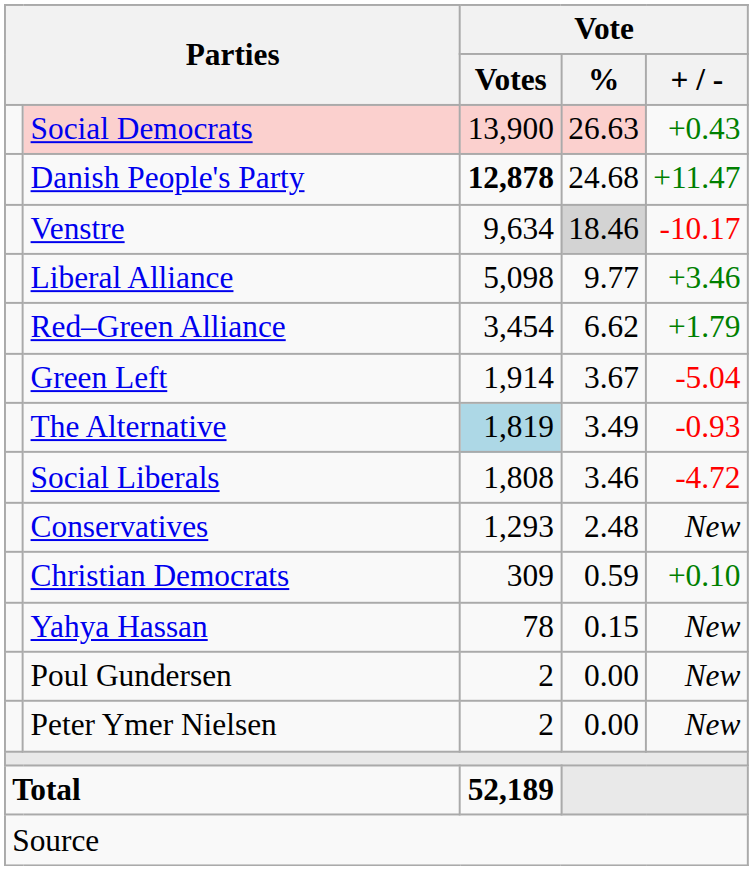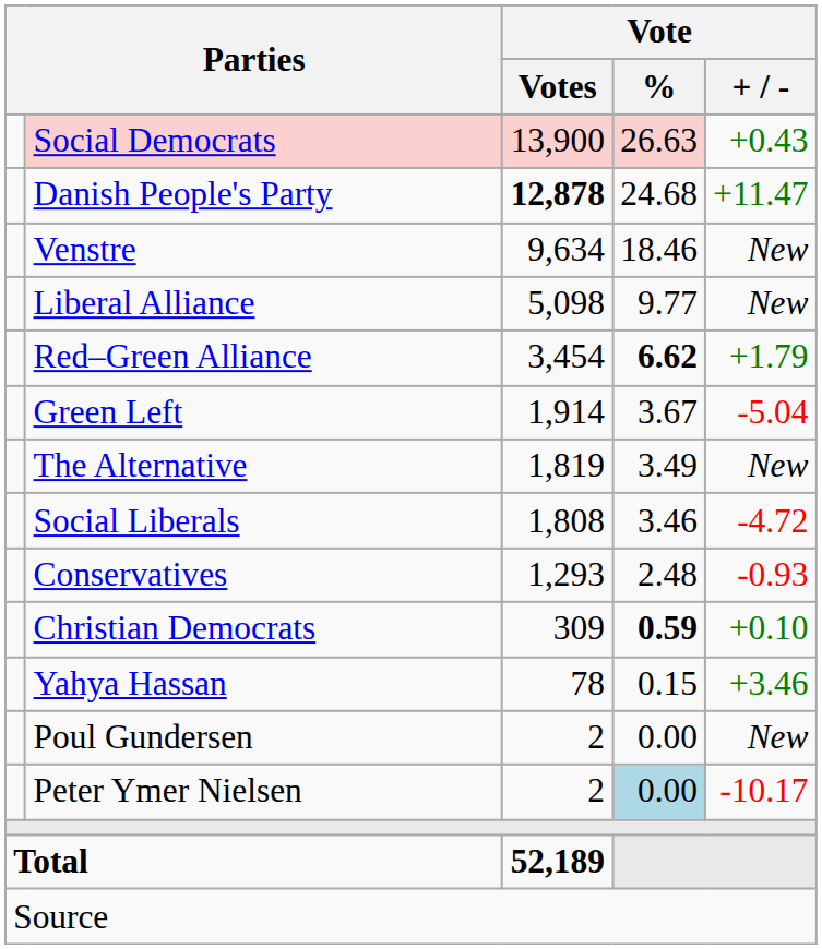 <table class="wikitable" style="text-align:right;">
 <tr>
 <th style="text-align:centre;" rowspan="2" colspan="2" width="225">Parties</th>
 <th colspan="3">Vote</th>
 </tr>
 <tr>
 <th width="15">Votes</th>
 <th width="15">%</th>
 <th width="15">+ / -</th>
 </tr>
 <tr>
 <td width="2" style="color:inherit;background:"></td>
 <td bgcolor=#fbd0ce  align="left"><a href='#'>Social Democrats</a></td>
 <td bgcolor=#fbd0ce>13,900</td>
 <td bgcolor=#fbd0ce>26.63</td>
 <td style=color:green;>+0.43</td>
 </tr>
 <tr>
 <td width="2" style="color:inherit;background:"></td>
 <td align="left"><a href='#'>Danish People's Party</a></td>
 <td><strong>12,878</strong></td>
 <td>24.68</td>
 <td style=color:green;>+11.47</td>
 </tr>
 <tr>
 <td width="2" style="color:inherit;background:"></td>
 <td align="left"><a href='#'>Venstre</a></td>
 <td>9,634</td>
-<td style="background: lightgrey;">18.46</td>
-<td style=color:red;>-10.17</td>
+<td>18.46</td>
+<td><em>New</em></td>
 </tr>
 <tr>
 <td width="2" style="color:inherit;background:"></td>
 <td align="left"><a href='#'>Liberal Alliance</a></td>
 <td>5,098</td>
 <td>9.77</td>
-<td style=color:green;>+3.46</td>
+<td><em>New</em></td>
 </tr>
 <tr>
 <td width="2" style="color:inherit;background:"></td>
 <td align="left"><a href='#'>Red–Green Alliance</a></td>
 <td>3,454</td>
-<td>6.62</td>
+<td><strong>6.62</strong></td>
 <td style=color:green;>+1.79</td>
 </tr>
 <tr>
 <td width="2" style="color:inherit;background:"></td>
 <td align="left"><a href='#'>Green Left</a></td>
 <td>1,914</td>
 <td>3.67</td>
 <td style=color:red;>-5.04</td>
 </tr>
 <tr>
 <td width="2" style="color:inherit;background:"></td>
 <td align="left"><a href='#'>The Alternative</a></td>
-<td style="background: lightblue;">1,819</td>
+<td>1,819</td>
 <td>3.49</td>
-<td style=color:red;>-0.93</td>
+<td><em>New</em></td>
 </tr>
 <tr>
 <td width="2" style="color:inherit;background:"></td>
 <td align="left"><a href='#'>Social Liberals</a></td>
 <td>1,808</td>
 <td>3.46</td>
 <td style=color:red;>-4.72</td>
 </tr>
 <tr>
 <td width="2" style="color:inherit;background:"></td>
 <td align="left"><a href='#'>Conservatives</a></td>
 <td>1,293</td>
 <td>2.48</td>
-<td><em>New</em></td>
+<td style=color:red;>-0.93</td>
 </tr>
 <tr>
 <td width="2" style="color:inherit;background:"></td>
 <td align="left"><a href='#'>Christian Democrats</a></td>
 <td>309</td>
-<td>0.59</td>
+<td><strong>0.59</strong></td>
 <td style=color:green;>+0.10</td>
 </tr>
 <tr>
 <td width="2" style="color:inherit;background:"></td>
 <td align="left"><a href='#'>Yahya Hassan</a></td>
 <td>78</td>
 <td>0.15</td>
-<td><em>New</em></td>
+<td style=color:green;>+3.46</td>
 </tr>
 <tr>
 <td width="2" style="color:inherit;background:"></td>
 <td align="left">Poul Gundersen</td>
 <td>2</td>
 <td>0.00</td>
 <td><em>New</em></td>
 </tr>
 <tr>
 <td width="2" style="color:inherit;background:"></td>
 <td align="left">Peter Ymer Nielsen</td>
 <td>2</td>
-<td>0.00</td>
-<td><em>New</em></td>
+<td style="background: lightblue;">0.00</td>
+<td style=color:red;>-10.17</td>
 </tr>
 <tr>
 <td colspan="7" bgcolor="#E9E9E9"></td>
 </tr>
 <tr>
 <td align="left" colspan="2"><strong>Total</strong></td>
 <td><strong>52,189</strong></td>
 <td bgcolor="#E9E9E9" colspan="2"></td>
 </tr>
 <tr>
 <td align="left" colspan="6">Source</td>
 </tr>
 </table>
